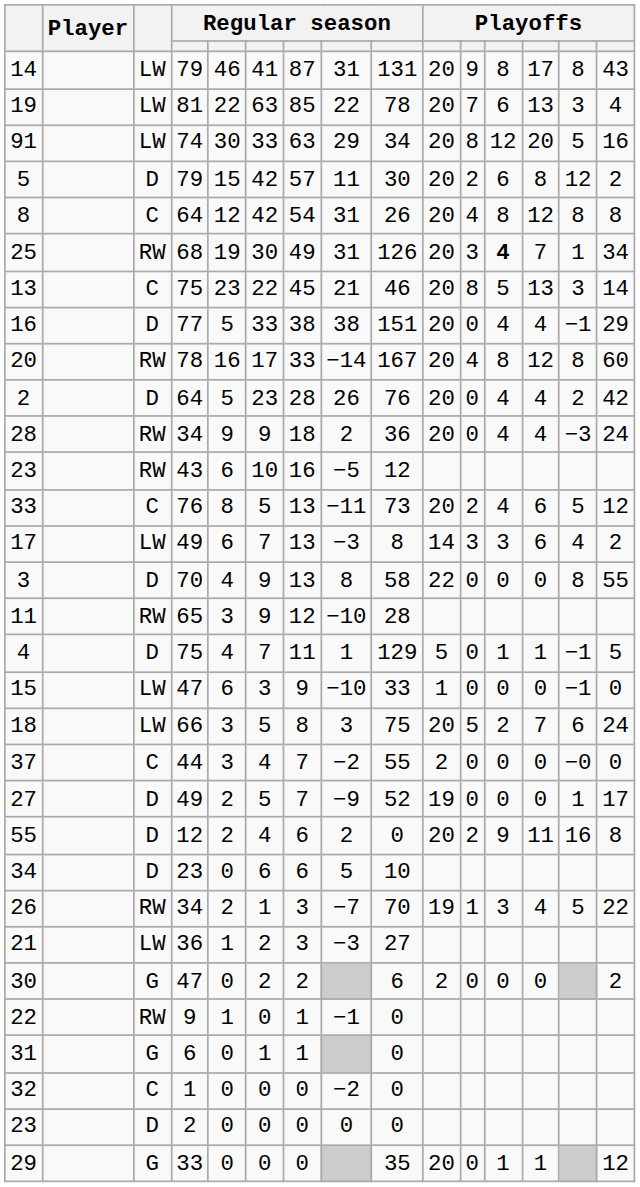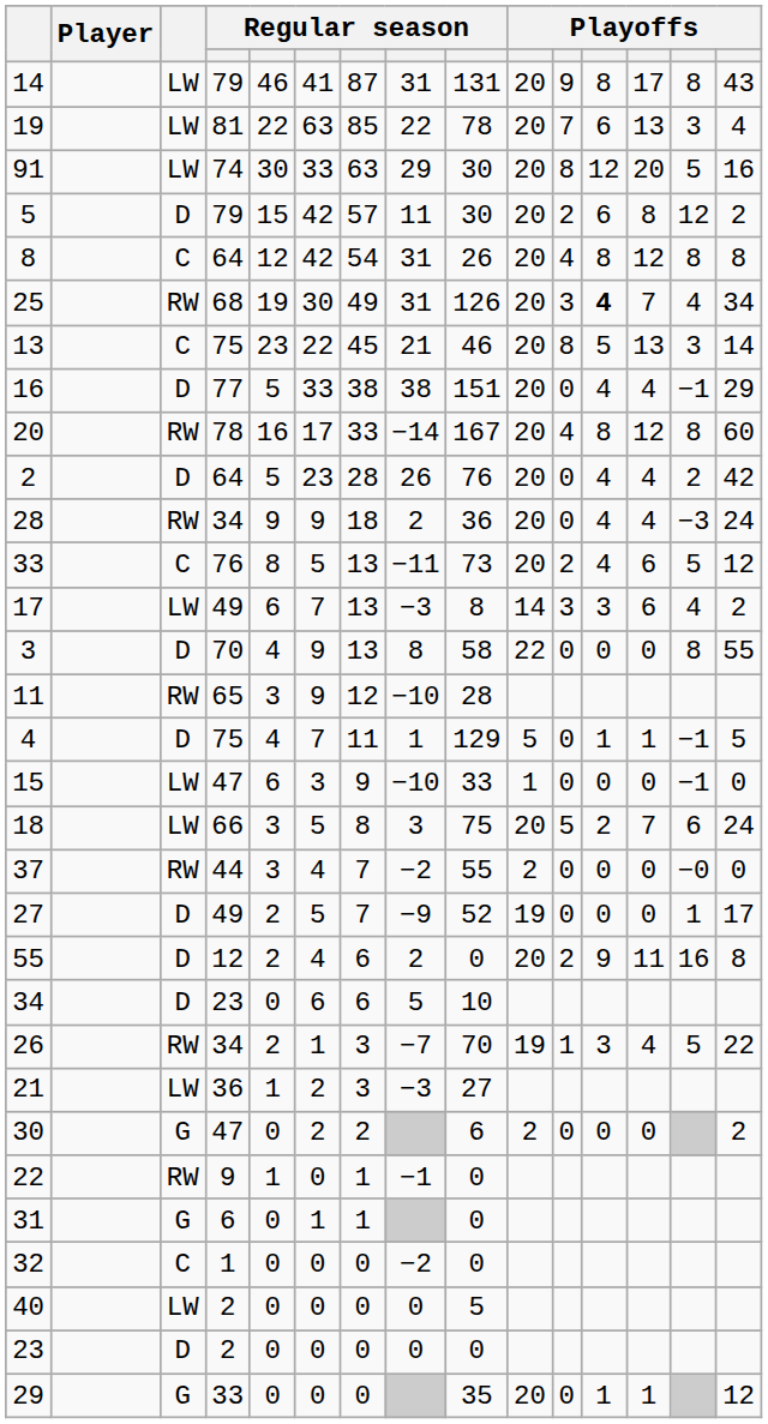 <table class="wikitable sortable plainrowheaders" style="text-align:center;">
 <tr>
 <th scope="col" data-sort-type="number" rowspan="2"></th>
 <th scope="col" rowspan="2">Player</th>
 <th scope="col" rowspan="2"></th>
 <th scope=colgroup colspan=6>Regular season</th>
 <th scope=colgroup colspan=6>Playoffs</th>
 </tr>
 <tr>
 <th scope="col" data-sort-type="number"></th>
 <th scope="col" data-sort-type="number"></th>
 <th scope="col" data-sort-type="number"></th>
 <th scope="col" data-sort-type="number"></th>
 <th scope="col" data-sort-type="number"></th>
 <th scope="col" data-sort-type="number"></th>
 <th scope="col" data-sort-type="number"></th>
 <th scope="col" data-sort-type="number"></th>
 <th scope="col" data-sort-type="number"></th>
 <th scope="col" data-sort-type="number"></th>
 <th scope="col" data-sort-type="number"></th>
 <th scope="col" data-sort-type="number"></th>
 </tr>
 <tr>
 <td scope="row">14</td>
 <td align="left"></td>
 <td>LW</td>
 <td>79</td>
 <td>46</td>
 <td>41</td>
 <td>87</td>
 <td>31</td>
 <td>131</td>
 <td>20</td>
 <td>9</td>
 <td>8</td>
 <td>17</td>
 <td>8</td>
 <td>43</td>
 </tr>
 <tr>
 <td scope="row">19</td>
 <td align="left"></td>
 <td>LW</td>
 <td>81</td>
 <td>22</td>
 <td>63</td>
 <td>85</td>
 <td>22</td>
 <td>78</td>
 <td>20</td>
 <td>7</td>
 <td>6</td>
 <td>13</td>
 <td>3</td>
 <td>4</td>
 </tr>
 <tr>
 <td scope="row">91</td>
 <td align="left"></td>
 <td>LW</td>
 <td>74</td>
 <td>30</td>
 <td>33</td>
 <td>63</td>
 <td>29</td>
-<td>34</td>
+<td>30</td>
 <td>20</td>
 <td>8</td>
 <td>12</td>
 <td>20</td>
 <td>5</td>
 <td>16</td>
 </tr>
 <tr>
 <td scope="row">5</td>
 <td align="left"></td>
 <td>D</td>
 <td>79</td>
 <td>15</td>
 <td>42</td>
 <td>57</td>
 <td>11</td>
 <td>30</td>
 <td>20</td>
 <td>2</td>
 <td>6</td>
 <td>8</td>
 <td>12</td>
 <td>2</td>
 </tr>
 <tr>
 <td scope="row">8</td>
 <td align="left"></td>
 <td>C</td>
 <td>64</td>
 <td>12</td>
 <td>42</td>
 <td>54</td>
 <td>31</td>
 <td>26</td>
 <td>20</td>
 <td>4</td>
 <td>8</td>
 <td>12</td>
 <td>8</td>
 <td>8</td>
 </tr>
 <tr>
 <td scope="row">25</td>
 <td align="left"></td>
 <td>RW</td>
 <td>68</td>
 <td>19</td>
 <td>30</td>
 <td>49</td>
 <td>31</td>
 <td>126</td>
 <td>20</td>
 <td>3</td>
 <td><strong>4</strong></td>
 <td>7</td>
-<td>1</td>
+<td>4</td>
 <td>34</td>
 </tr>
 <tr>
 <td scope="row">13</td>
 <td align="left"></td>
 <td>C</td>
 <td>75</td>
 <td>23</td>
 <td>22</td>
 <td>45</td>
 <td>21</td>
 <td>46</td>
 <td>20</td>
 <td>8</td>
 <td>5</td>
 <td>13</td>
 <td>3</td>
 <td>14</td>
 </tr>
 <tr>
 <td scope="row">16</td>
 <td align="left"></td>
 <td>D</td>
 <td>77</td>
 <td>5</td>
 <td>33</td>
 <td>38</td>
 <td>38</td>
 <td>151</td>
 <td>20</td>
 <td>0</td>
 <td>4</td>
 <td>4</td>
 <td>−1</td>
 <td>29</td>
 </tr>
 <tr>
 <td scope="row">20</td>
 <td align="left"></td>
 <td>RW</td>
 <td>78</td>
 <td>16</td>
 <td>17</td>
 <td>33</td>
 <td>−14</td>
 <td>167</td>
 <td>20</td>
 <td>4</td>
 <td>8</td>
 <td>12</td>
 <td>8</td>
 <td>60</td>
 </tr>
 <tr>
 <td scope="row">2</td>
 <td align="left"></td>
 <td>D</td>
 <td>64</td>
 <td>5</td>
 <td>23</td>
 <td>28</td>
 <td>26</td>
 <td>76</td>
 <td>20</td>
 <td>0</td>
 <td>4</td>
 <td>4</td>
 <td>2</td>
 <td>42</td>
 </tr>
 <tr>
 <td scope="row">28</td>
 <td align="left"></td>
 <td>RW</td>
 <td>34</td>
 <td>9</td>
 <td>9</td>
 <td>18</td>
 <td>2</td>
 <td>36</td>
 <td>20</td>
 <td>0</td>
 <td>4</td>
 <td>4</td>
 <td>−3</td>
 <td>24</td>
-</tr>
-<tr>
-<td scope="row">23</td>
-<td align="left"></td>
-<td>RW</td>
-<td>43</td>
-<td>6</td>
-<td>10</td>
-<td>16</td>
-<td>−5</td>
-<td>12</td>
-<td></td>
-<td></td>
-<td></td>
-<td></td>
-<td></td>
-<td></td>
 </tr>
 <tr>
 <td scope="row">33</td>
 <td align="left"></td>
 <td>C</td>
 <td>76</td>
 <td>8</td>
 <td>5</td>
 <td>13</td>
 <td>−11</td>
 <td>73</td>
 <td>20</td>
 <td>2</td>
 <td>4</td>
 <td>6</td>
 <td>5</td>
 <td>12</td>
 </tr>
 <tr>
 <td scope="row">17</td>
 <td align="left"></td>
 <td>LW</td>
 <td>49</td>
 <td>6</td>
 <td>7</td>
 <td>13</td>
 <td>−3</td>
 <td>8</td>
 <td>14</td>
 <td>3</td>
 <td>3</td>
 <td>6</td>
 <td>4</td>
 <td>2</td>
 </tr>
 <tr>
 <td scope="row">3</td>
 <td align="left"></td>
 <td>D</td>
 <td>70</td>
 <td>4</td>
 <td>9</td>
 <td>13</td>
 <td>8</td>
 <td>58</td>
 <td>22</td>
 <td>0</td>
 <td>0</td>
 <td>0</td>
 <td>8</td>
 <td>55</td>
 </tr>
 <tr>
 <td scope="row">11</td>
 <td align="left"></td>
 <td>RW</td>
 <td>65</td>
 <td>3</td>
 <td>9</td>
 <td>12</td>
 <td>−10</td>
 <td>28</td>
 <td></td>
 <td></td>
 <td></td>
 <td></td>
 <td></td>
 <td></td>
 </tr>
 <tr>
 <td scope="row">4</td>
 <td align="left"></td>
 <td>D</td>
 <td>75</td>
 <td>4</td>
 <td>7</td>
 <td>11</td>
 <td>1</td>
 <td>129</td>
 <td>5</td>
 <td>0</td>
 <td>1</td>
 <td>1</td>
 <td>−1</td>
 <td>5</td>
 </tr>
 <tr>
 <td scope="row">15</td>
 <td align="left"></td>
 <td>LW</td>
 <td>47</td>
 <td>6</td>
 <td>3</td>
 <td>9</td>
 <td>−10</td>
 <td>33</td>
 <td>1</td>
 <td>0</td>
 <td>0</td>
 <td>0</td>
 <td>−1</td>
 <td>0</td>
 </tr>
 <tr>
 <td scope="row">18</td>
 <td align="left"></td>
 <td>LW</td>
 <td>66</td>
 <td>3</td>
 <td>5</td>
 <td>8</td>
 <td>3</td>
 <td>75</td>
 <td>20</td>
 <td>5</td>
 <td>2</td>
 <td>7</td>
 <td>6</td>
 <td>24</td>
 </tr>
 <tr>
 <td scope="row">37</td>
 <td align="left"></td>
-<td>C</td>
+<td>RW</td>
 <td>44</td>
 <td>3</td>
 <td>4</td>
 <td>7</td>
 <td>−2</td>
 <td>55</td>
 <td>2</td>
 <td>0</td>
 <td>0</td>
 <td>0</td>
 <td>−0</td>
 <td>0</td>
 </tr>
 <tr>
 <td scope="row">27</td>
 <td align="left"></td>
 <td>D</td>
 <td>49</td>
 <td>2</td>
 <td>5</td>
 <td>7</td>
 <td>−9</td>
 <td>52</td>
 <td>19</td>
 <td>0</td>
 <td>0</td>
 <td>0</td>
 <td>1</td>
 <td>17</td>
 </tr>
 <tr>
 <td scope="row">55</td>
 <td align="left"></td>
 <td>D</td>
 <td>12</td>
 <td>2</td>
 <td>4</td>
 <td>6</td>
 <td>2</td>
 <td>0</td>
 <td>20</td>
 <td>2</td>
 <td>9</td>
 <td>11</td>
 <td>16</td>
 <td>8</td>
 </tr>
 <tr>
 <td scope="row">34</td>
 <td align="left"></td>
 <td>D</td>
 <td>23</td>
 <td>0</td>
 <td>6</td>
 <td>6</td>
 <td>5</td>
 <td>10</td>
 <td></td>
 <td></td>
 <td></td>
 <td></td>
 <td></td>
 <td></td>
 </tr>
 <tr>
 <td scope="row">26</td>
 <td align="left"></td>
 <td>RW</td>
 <td>34</td>
 <td>2</td>
 <td>1</td>
 <td>3</td>
 <td>−7</td>
 <td>70</td>
 <td>19</td>
 <td>1</td>
 <td>3</td>
 <td>4</td>
 <td>5</td>
 <td>22</td>
 </tr>
 <tr>
 <td scope="row">21</td>
 <td align="left"></td>
 <td>LW</td>
 <td>36</td>
 <td>1</td>
 <td>2</td>
 <td>3</td>
 <td>−3</td>
 <td>27</td>
 <td></td>
 <td></td>
 <td></td>
 <td></td>
 <td></td>
 <td></td>
 </tr>
 <tr>
 <td scope="row">30</td>
 <td align="left"></td>
 <td>G</td>
 <td>47</td>
 <td>0</td>
 <td>2</td>
 <td>2</td>
 <td style="background:#ccc"></td>
 <td>6</td>
 <td>2</td>
 <td>0</td>
 <td>0</td>
 <td>0</td>
 <td style="background:#ccc"></td>
 <td>2</td>
 </tr>
 <tr>
 <td scope="row">22</td>
 <td align="left"></td>
 <td>RW</td>
 <td>9</td>
 <td>1</td>
 <td>0</td>
 <td>1</td>
 <td>−1</td>
 <td>0</td>
 <td></td>
 <td></td>
 <td></td>
 <td></td>
 <td></td>
 <td></td>
 </tr>
 <tr>
 <td scope="row">31</td>
 <td align="left"></td>
 <td>G</td>
 <td>6</td>
 <td>0</td>
 <td>1</td>
 <td>1</td>
 <td style="background:#ccc"></td>
 <td>0</td>
 <td></td>
 <td></td>
 <td></td>
 <td></td>
 <td></td>
 <td></td>
 </tr>
 <tr>
 <td scope="row">32</td>
 <td align="left"></td>
 <td>C</td>
 <td>1</td>
 <td>0</td>
 <td>0</td>
 <td>0</td>
 <td>−2</td>
 <td>0</td>
 <td></td>
 <td></td>
 <td></td>
 <td></td>
 <td></td>
 <td></td>
 </tr>
 <tr>
+<td scope="row">40</td>
+<td align="left"></td>
+<td>LW</td>
+<td>2</td>
+<td>0</td>
+<td>0</td>
+<td>0</td>
+<td>0</td>
+<td>5</td>
+<td></td>
+<td></td>
+<td></td>
+<td></td>
+<td></td>
+<td></td>
+</tr>
+<tr>
 <td scope="row">23</td>
 <td align="left"></td>
 <td>D</td>
 <td>2</td>
 <td>0</td>
 <td>0</td>
 <td>0</td>
 <td>0</td>
 <td>0</td>
 <td></td>
 <td></td>
 <td></td>
 <td></td>
 <td></td>
 <td></td>
 </tr>
 <tr>
 <td scope="row">29</td>
 <td align="left"></td>
 <td>G</td>
 <td>33</td>
 <td>0</td>
 <td>0</td>
 <td>0</td>
 <td style="background:#ccc"></td>
 <td>35</td>
 <td>20</td>
 <td>0</td>
 <td>1</td>
 <td>1</td>
 <td style="background:#ccc"></td>
 <td>12</td>
 </tr>
 </table>
